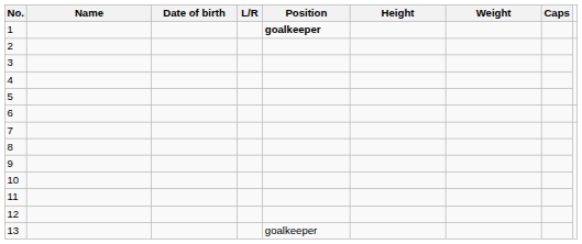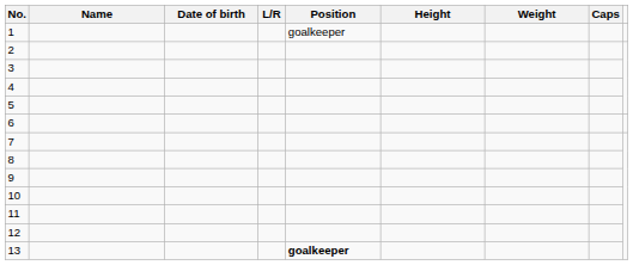 <table class=wikitable sortable style=font-size:100%; text-align:center;>
 <tr>
 <th>No.</th>
 <th style=width:12em>Name</th>
 <th style=width:8em>Date of birth</th>
 <th style=width:2em>L/R</th>
 <th style=width:8em>Position</th>
 <th style=width:9em>Height</th>
 <th style=width:9em>Weight</th>
 <th>Caps</th>
 </tr>
 <tr>
 <td>1</td>
 <td align=left></td>
 <td></td>
 <td></td>
-<td><strong>goalkeeper</strong></td>
+<td>goalkeeper</td>
 <td></td>
 <td></td>
 <td></td>
 <td></td>
 </tr>
 <tr>
 <td>2</td>
 <td align=left></td>
 <td></td>
 <td></td>
 <td></td>
 <td></td>
 <td></td>
 <td></td>
 </tr>
 <tr>
 <td>3</td>
 <td align=left></td>
 <td></td>
 <td></td>
 <td></td>
 <td></td>
 <td></td>
 <td></td>
 </tr>
 <tr>
 <td>4</td>
 <td align=left></td>
 <td></td>
 <td></td>
 <td></td>
 <td></td>
 <td></td>
 <td></td>
 </tr>
 <tr>
 <td>5</td>
 <td align=left></td>
 <td></td>
 <td></td>
 <td></td>
 <td></td>
 <td></td>
 <td></td>
 </tr>
 <tr>
 <td>6</td>
 <td align=left></td>
 <td></td>
 <td></td>
 <td></td>
 <td></td>
 <td></td>
 <td></td>
 <td></td>
 </tr>
 <tr>
 <td>7</td>
 <td align=left></td>
 <td></td>
 <td></td>
 <td></td>
 <td></td>
 <td></td>
 <td></td>
 </tr>
 <tr>
 <td>8</td>
 <td align=left></td>
 <td></td>
 <td></td>
 <td></td>
 <td></td>
 <td></td>
 <td></td>
 </tr>
 <tr>
 <td>9</td>
 <td align=left></td>
 <td></td>
 <td></td>
 <td></td>
 <td></td>
 <td></td>
 <td></td>
 </tr>
 <tr>
 <td>10</td>
 <td align=left></td>
 <td></td>
 <td></td>
 <td></td>
 <td></td>
 <td></td>
 <td></td>
 </tr>
 <tr>
 <td>11</td>
 <td align=left></td>
 <td></td>
 <td></td>
 <td></td>
 <td></td>
 <td></td>
 <td></td>
 </tr>
 <tr>
 <td>12</td>
 <td align=left></td>
 <td></td>
 <td></td>
 <td></td>
 <td></td>
 <td></td>
 <td></td>
 </tr>
 <tr>
 <td>13</td>
 <td align=left></td>
 <td></td>
 <td></td>
-<td>goalkeeper</td>
+<td><strong>goalkeeper</strong></td>
 <td></td>
 <td></td>
 <td></td>
 </tr>
 </table>
